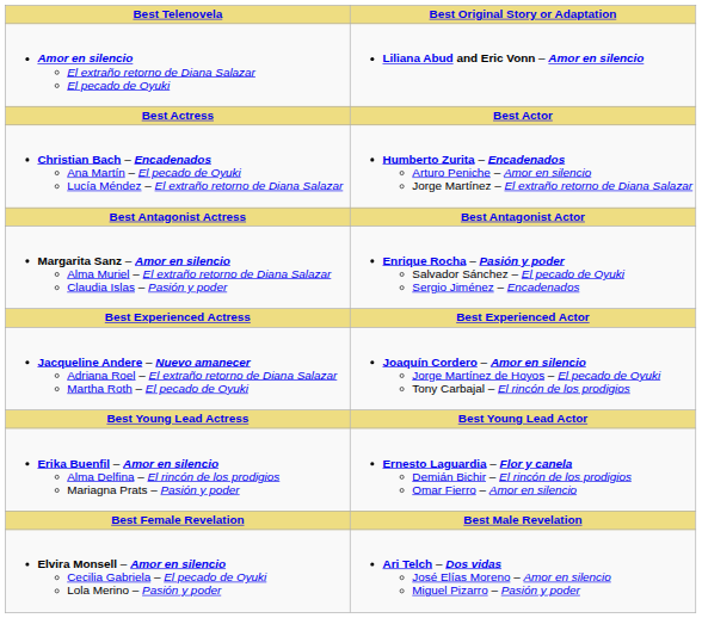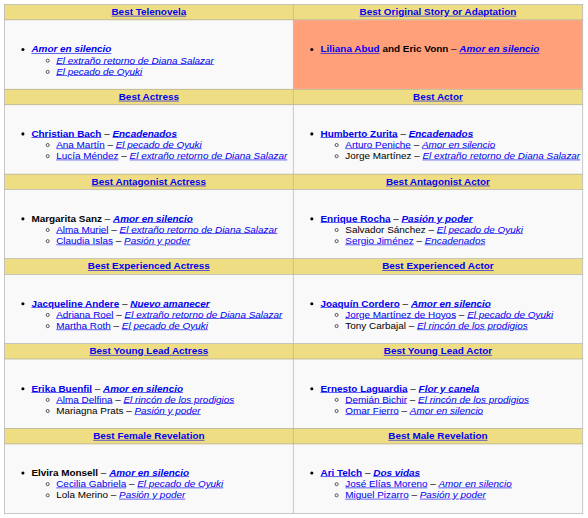 <table class="wikitable">
 <tr>
 <th style="background:#EEDD82; width:50%"><a href='#'>Best Telenovela</a></th>
 <th style="background:#EEDD82; width:50%"><a href='#'>Best Original Story or Adaptation</a></th>
 </tr>
 <tr>
 <td valign="top"><br><ul><li><strong><em><a href='#'>Amor en silencio</a></em></strong><ul><li><em><a href='#'>El extraño retorno de Diana Salazar</a></em></li><li><em><a href='#'>El pecado de Oyuki</a></em></li></ul></li></ul></td>
-<td valign="top"><br><ul><li><strong><a href='#'>Liliana Abud</a> and Eric Vonn</strong> – <strong><em><a href='#'>Amor en silencio</a></em></strong></li></ul></td>
+<td valign="top" style="background: lightsalmon;"><br><ul><li><strong><a href='#'>Liliana Abud</a> and Eric Vonn</strong> – <strong><em><a href='#'>Amor en silencio</a></em></strong></li></ul></td>
 </tr>
 <tr>
 <th style="background:#EEDD82; width:50%"><a href='#'>Best Actress</a></th>
 <th style="background:#EEDD82; width:50%"><a href='#'>Best Actor</a></th>
 </tr>
 <tr>
 <td valign="top"><br><ul><li><strong><a href='#'>Christian Bach</a></strong> – <strong><em><a href='#'>Encadenados</a></em></strong><ul><li><a href='#'>Ana Martín</a> – <em><a href='#'>El pecado de Oyuki</a></em></li><li><a href='#'>Lucía Méndez</a> – <em><a href='#'>El extraño retorno de Diana Salazar</a></em></li></ul></li></ul></td>
 <td valign="top"><br><ul><li><strong><a href='#'>Humberto Zurita</a></strong> – <strong><em><a href='#'>Encadenados</a></em></strong><ul><li><a href='#'>Arturo Peniche</a> – <em><a href='#'>Amor en silencio</a></em></li><li>Jorge Martínez – <em><a href='#'>El extraño retorno de Diana Salazar</a></em></li></ul></li></ul></td>
 </tr>
 <tr>
 <th style="background:#EEDD82; width:50%"><a href='#'>Best Antagonist Actress</a></th>
 <th style="background:#EEDD82; width:50%"><a href='#'>Best Antagonist Actor</a></th>
 </tr>
 <tr>
 <td valign="top"><br><ul><li><strong>Margarita Sanz</strong> – <strong><em><a href='#'>Amor en silencio</a></em></strong><ul><li><a href='#'>Alma Muriel</a> – <em><a href='#'>El extraño retorno de Diana Salazar</a></em></li><li><a href='#'>Claudia Islas</a> – <em><a href='#'>Pasión y poder</a></em></li></ul></li></ul></td>
 <td valign="top"><br><ul><li><strong><a href='#'>Enrique Rocha</a></strong> – <strong><em><a href='#'>Pasión y poder</a></em></strong><ul><li>Salvador Sánchez – <em><a href='#'>El pecado de Oyuki</a></em></li><li><a href='#'>Sergio Jiménez</a> – <em><a href='#'>Encadenados</a></em></li></ul></li></ul></td>
 </tr>
 <tr>
 <th style="background:#EEDD82; width:50%"><a href='#'>Best Experienced Actress</a></th>
 <th style="background:#EEDD82; width:50%"><a href='#'>Best Experienced Actor</a></th>
 </tr>
 <tr>
 <td valign="top"><br><ul><li><strong><a href='#'>Jacqueline Andere</a></strong> – <strong><em><a href='#'>Nuevo amanecer</a></em></strong><ul><li><a href='#'>Adriana Roel</a> – <em><a href='#'>El extraño retorno de Diana Salazar</a></em></li><li><a href='#'>Martha Roth</a> – <em><a href='#'>El pecado de Oyuki</a></em></li></ul></li></ul></td>
 <td valign="top"><br><ul><li><strong><a href='#'>Joaquín Cordero</a></strong> – <strong><em><a href='#'>Amor en silencio</a></em></strong><ul><li><a href='#'>Jorge Martínez de Hoyos</a> – <em><a href='#'>El pecado de Oyuki</a></em></li><li>Tony Carbajal – <em><a href='#'>El rincón de los prodigios</a></em></li></ul></li></ul></td>
 </tr>
 <tr>
 <th style="background:#EEDD82; width:50%"><a href='#'>Best Young Lead Actress</a></th>
 <th style="background:#EEDD82; width:50%"><a href='#'>Best Young Lead Actor</a></th>
 </tr>
 <tr>
 <td valign="top"><br><ul><li><strong><a href='#'>Erika Buenfil</a></strong> – <strong><em><a href='#'>Amor en silencio</a></em></strong><ul><li><a href='#'>Alma Delfina</a> – <em><a href='#'>El rincón de los prodigios</a></em></li><li>Mariagna Prats – <em><a href='#'>Pasión y poder</a></em></li></ul></li></ul></td>
 <td valign="top"><br><ul><li><strong><a href='#'>Ernesto Laguardia</a></strong> – <strong><em><a href='#'>Flor y canela</a></em></strong><ul><li><a href='#'>Demián Bichir</a> – <em><a href='#'>El rincón de los prodigios</a></em></li><li><a href='#'>Omar Fierro</a> – <em><a href='#'>Amor en silencio</a></em></li></ul></li></ul></td>
 </tr>
 <tr>
 <th style="background:#EEDD82; width:50%"><a href='#'>Best Female Revelation</a></th>
 <th style="background:#EEDD82; width:50%"><a href='#'>Best Male Revelation</a></th>
 </tr>
 <tr>
 <td valign="top"><br><ul><li><strong>Elvira Monsell</strong> – <strong><em><a href='#'>Amor en silencio</a></em></strong><ul><li><a href='#'>Cecilia Gabriela</a> – <em><a href='#'>El pecado de Oyuki</a></em></li><li>Lola Merino – <em><a href='#'>Pasión y poder</a></em></li></ul></li></ul></td>
 <td valign="top"><br><ul><li><strong><a href='#'>Ari Telch</a></strong> – <strong><em><a href='#'>Dos vidas</a></em></strong><ul><li><a href='#'>José Elías Moreno</a> – <em><a href='#'>Amor en silencio</a></em></li><li><a href='#'>Miguel Pizarro</a> – <em><a href='#'>Pasión y poder</a></em></li></ul></li></ul></td>
 </tr>
 </table>
